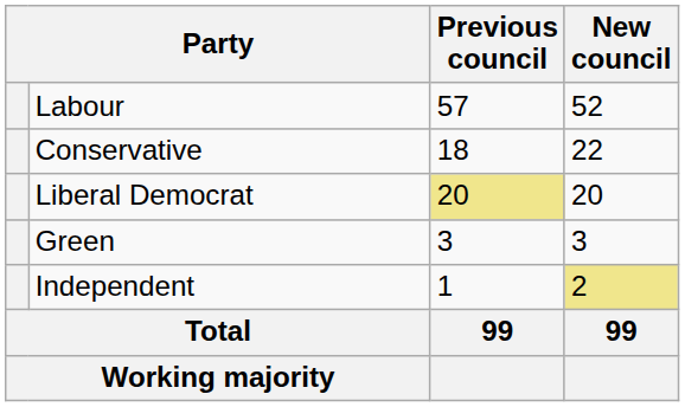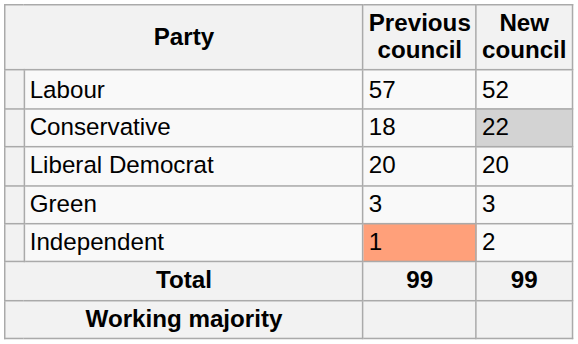 <table class="wikitable">
 <tr>
 <th valign=centre colspan="2" style="width: 230px">Party</th>
 <th valign=top style="width: 30px">Previous council</th>
 <th valign=top style="width: 30px">New council</th>
 </tr>
 <tr>
 <th style="background-color: "></th>
 <td>Labour</td>
 <td>57</td>
 <td>52</td>
 </tr>
 <tr>
 <th style="background-color: "></th>
 <td>Conservative</td>
 <td>18</td>
-<td>22</td>
+<td style="background: lightgrey;">22</td>
 </tr>
 <tr>
 <th style="background-color: "></th>
 <td>Liberal Democrat</td>
-<td style="background: khaki;">20</td>
+<td>20</td>
 <td>20</td>
 </tr>
 <tr>
 <th style="background-color: "></th>
 <td>Green</td>
 <td>3</td>
 <td>3</td>
 </tr>
 <tr>
 <th style="background-color: "></th>
 <td>Independent</td>
-<td>1</td>
-<td style="background: khaki;">2</td>
+<td style="background: lightsalmon;">1</td>
+<td>2</td>
 </tr>
 <tr>
 <th colspan=2>Total</th>
 <th style="text-align: center">99</th>
 <th colspan=3>99</th>
 </tr>
 <tr>
 <th colspan=2>Working majority</th>
 <th></th>
 <th></th>
 </tr>
 </table>
